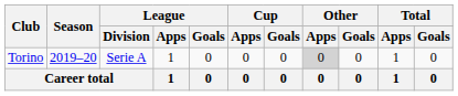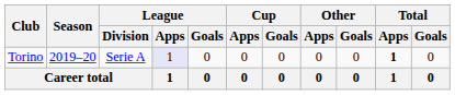 <table class="wikitable" style="text-align:center">
 <tr>
 <th rowspan="2">Club</th>
 <th rowspan="2">Season</th>
 <th colspan="3">League</th>
 <th colspan="2">Cup</th>
 <th colspan="2">Other</th>
 <th colspan="2">Total</th>
 </tr>
 <tr>
 <th>Division</th>
 <th>Apps</th>
 <th>Goals</th>
 <th>Apps</th>
 <th>Goals</th>
 <th>Apps</th>
 <th>Goals</th>
 <th>Apps</th>
 <th>Goals</th>
 </tr>
 <tr>
 <td><a href='#'>Torino</a></td>
 <td><a href='#'>2019–20</a></td>
 <td><a href='#'>Serie A</a></td>
-<td>1</td>
+<td style="background: lavender;">1</td>
 <td>0</td>
 <td>0</td>
 <td>0</td>
-<td style="background: lightgrey;">0</td>
 <td>0</td>
-<td>1</td>
+<td>0</td>
+<td><strong>1</strong></td>
 <td>0</td>
 </tr>
 <tr>
 <th colspan="3">Career total</th>
 <th>1</th>
 <th>0</th>
 <th>0</th>
 <th>0</th>
 <th>0</th>
 <th>0</th>
 <th>1</th>
 <th>0</th>
 </tr>
 </table>
